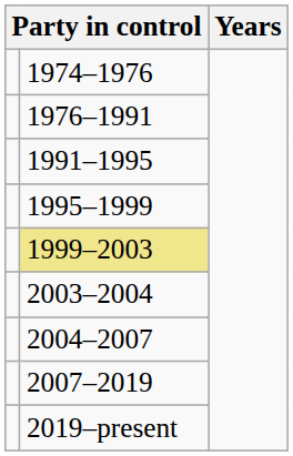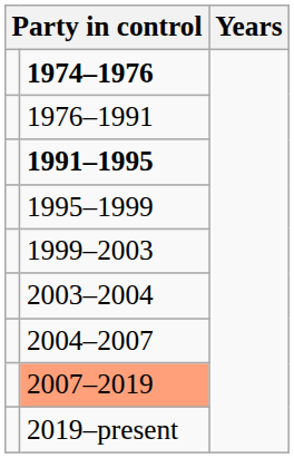 <table class="wikitable">
 <tr>
 <th colspan=2>Party in control</th>
 <th>Years</th>
 </tr>
 <tr>
 <td></td>
-<td>1974–1976</td>
+<td><strong>1974–1976</strong></td>
 </tr>
 <tr>
 <td></td>
 <td>1976–1991</td>
 </tr>
 <tr>
 <td></td>
-<td>1991–1995</td>
+<td><strong>1991–1995</strong></td>
 </tr>
 <tr>
 <td></td>
 <td>1995–1999</td>
 </tr>
 <tr>
 <td></td>
-<td style="background: khaki;">1999–2003</td>
+<td>1999–2003</td>
 </tr>
 <tr>
 <td></td>
 <td>2003–2004</td>
 </tr>
 <tr>
 <td></td>
 <td>2004–2007</td>
 </tr>
 <tr>
 <td></td>
-<td>2007–2019</td>
+<td style="background: lightsalmon;">2007–2019</td>
 </tr>
 <tr>
 <td></td>
 <td>2019–present</td>
 </tr>
 </table>
